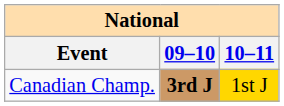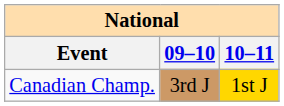 <table class="wikitable" style="text-align:center">
 <tr>
 <th colspan="3" style="background-color: #ffdead;">National</th>
 </tr>
 <tr>
 <th>Event</th>
 <th><a href='#'>09–10</a></th>
 <th><a href='#'>10–11</a></th>
 </tr>
 <tr>
 <td align=left><a href='#'>Canadian Champ.</a></td>
-<td bgcolor="cc9966"><strong>3rd J</strong></td>
+<td bgcolor="cc9966">3rd J</td>
 <td bgcolor=gold>1st J</td>
 </tr>
 </table>
